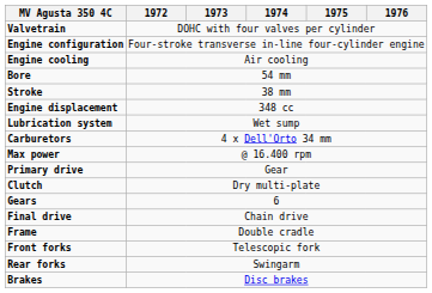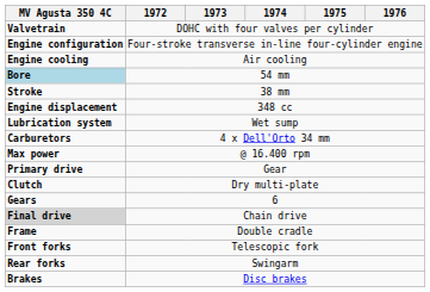 <table class="wikitable">
 <tr>
 <th>MV Agusta 350 4C</th>
 <th>1972</th>
 <th>1973</th>
 <th>1974</th>
 <th>1975</th>
 <th>1976</th>
 </tr>
 <tr>
 <td><strong>Valvetrain</strong></td>
 <td colspan="5" align="center">DOHC with four valves per cylinder</td>
 </tr>
 <tr>
 <td><strong>Engine configuration</strong></td>
 <td colspan="5" align="center">Four-stroke transverse in-line four-cylinder engine</td>
 </tr>
 <tr>
 <td><strong>Engine cooling</strong></td>
 <td colspan="5" align="center">Air cooling</td>
 </tr>
 <tr>
-<td><strong>Bore</strong></td>
+<td style="background: lightblue;"><strong>Bore</strong></td>
 <td colspan="5" align="center">54 mm</td>
 </tr>
 <tr>
 <td><strong>Stroke</strong></td>
 <td colspan="5" align="center">38 mm</td>
 </tr>
 <tr>
 <td><strong>Engine displacement</strong></td>
 <td colspan="5" align="center">348 cc</td>
 </tr>
 <tr>
 <td><strong>Lubrication system</strong></td>
 <td colspan="5" align="center">Wet sump</td>
 </tr>
 <tr>
 <td><strong>Carburetors</strong></td>
 <td colspan="5" align="center">4 x <a href='#'>Dell'Orto</a> 34 mm</td>
 </tr>
 <tr>
 <td><strong>Max power</strong></td>
 <td colspan="5" align="center"> @ 16.400 rpm</td>
 </tr>
 <tr>
 <td><strong>Primary drive</strong></td>
 <td colspan="5" align="center">Gear</td>
 </tr>
 <tr>
 <td><strong>Clutch</strong></td>
 <td colspan="5" align="center">Dry multi-plate</td>
 </tr>
 <tr>
 <td><strong>Gears</strong></td>
 <td colspan="5" align="center">6</td>
 </tr>
 <tr>
-<td><strong>Final drive</strong></td>
+<td style="background: lightgrey;"><strong>Final drive</strong></td>
 <td colspan="5" align="center">Chain drive</td>
 </tr>
 <tr>
 <td><strong>Frame</strong></td>
 <td colspan="5" align="center">Double cradle</td>
 </tr>
 <tr>
 <td><strong>Front forks</strong></td>
 <td colspan="5" align="center">Telescopic fork</td>
 </tr>
 <tr>
 <td><strong>Rear forks</strong></td>
 <td colspan="5" align="center">Swingarm</td>
 </tr>
 <tr>
 <td><strong>Brakes</strong></td>
 <td colspan="5" align="center"><a href='#'>Disc brakes</a></td>
 </tr>
 </table>
